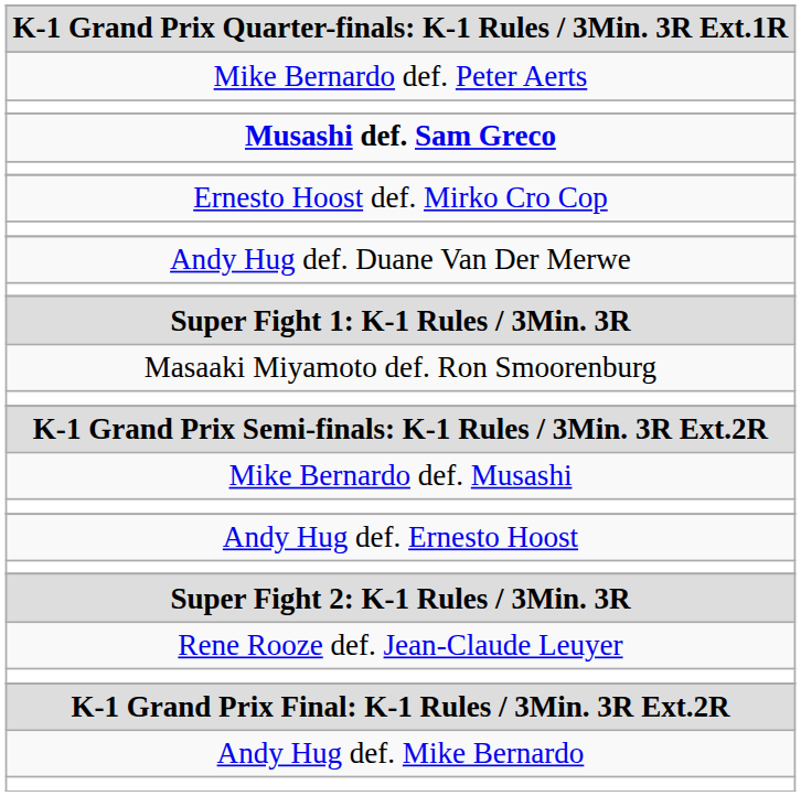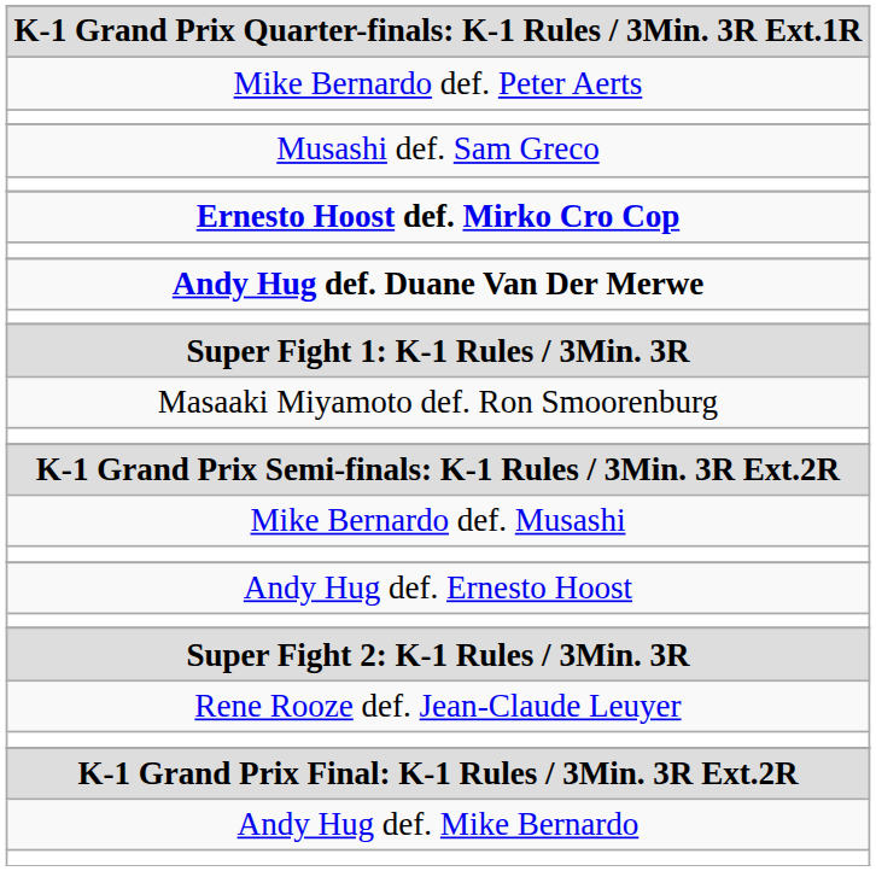 <table class="wikitable" style="clear:both; margin:1.5em auto; text-align:center;">
 <tr>
 </tr>
 <tr align="center"  bgcolor="#dddddd">
 <td><strong>K-1 Grand Prix Quarter-finals: K-1 Rules / 3Min. 3R Ext.1R</strong></td>
 </tr>
 <tr align="center"  bgcolor=>
 <td align=center> <a href='#'>Mike Bernardo</a> def. <a href='#'>Peter Aerts</a> </td>
 </tr>
 <tr>
 <th style=background:white colspan=2></th>
 </tr>
 <tr>
 </tr>
 <tr align="center"  bgcolor=>
-<td align=center><strong> <a href='#'>Musashi</a> def. <a href='#'>Sam Greco</a> </strong></td>
+<td align=center> <a href='#'>Musashi</a> def. <a href='#'>Sam Greco</a> </td>
 </tr>
 <tr>
 <th style=background:white colspan=2></th>
 </tr>
 <tr>
 </tr>
 <tr align="center"  bgcolor=>
-<td align=center> <a href='#'>Ernesto Hoost</a> def. <a href='#'>Mirko Cro Cop</a> </td>
+<td align=center><strong> <a href='#'>Ernesto Hoost</a> def. <a href='#'>Mirko Cro Cop</a> </strong></td>
 </tr>
 <tr>
 <th style=background:white colspan=2></th>
 </tr>
 <tr>
 </tr>
 <tr align="center"  bgcolor=>
-<td align=center> <a href='#'>Andy Hug</a> def. Duane Van Der Merwe </td>
+<td align=center><strong> <a href='#'>Andy Hug</a> def. Duane Van Der Merwe </strong></td>
 </tr>
 <tr>
 <th style=background:white colspan=2></th>
 </tr>
 <tr>
 </tr>
 <tr align="center"  bgcolor="#dddddd">
 <td><strong>Super Fight 1: K-1 Rules / 3Min. 3R</strong></td>
 </tr>
 <tr align="center"  bgcolor=>
 <td align=center> Masaaki Miyamoto def. Ron Smoorenburg </td>
 </tr>
 <tr>
 <th style=background:white colspan=2></th>
 </tr>
 <tr>
 </tr>
 <tr align="center"  bgcolor="#dddddd">
 <td><strong>K-1 Grand Prix Semi-finals: K-1 Rules / 3Min. 3R Ext.2R</strong></td>
 </tr>
 <tr align="center"  bgcolor=>
 <td align=center> <a href='#'>Mike Bernardo</a> def. <a href='#'>Musashi</a> </td>
 </tr>
 <tr>
 <th style=background:white colspan=2></th>
 </tr>
 <tr>
 </tr>
 <tr align="center"  bgcolor=>
 <td align=center> <a href='#'>Andy Hug</a> def. <a href='#'>Ernesto Hoost</a> </td>
 </tr>
 <tr>
 <th style=background:white colspan=2></th>
 </tr>
 <tr>
 </tr>
 <tr align="center"  bgcolor="#dddddd">
 <td><strong>Super Fight 2: K-1 Rules / 3Min. 3R</strong></td>
 </tr>
 <tr align="center"  bgcolor=>
 <td align=center> <a href='#'>Rene Rooze</a> def. <a href='#'>Jean-Claude Leuyer</a> </td>
 </tr>
 <tr>
 <th style=background:white colspan=2></th>
 </tr>
 <tr>
 </tr>
 <tr align="center"  bgcolor="#dddddd">
 <td><strong>K-1 Grand Prix Final: K-1 Rules / 3Min. 3R Ext.2R</strong></td>
 </tr>
 <tr align="center"  bgcolor=>
 <td align=center> <a href='#'>Andy Hug</a> def. <a href='#'>Mike Bernardo</a> </td>
 </tr>
 <tr>
 <th style=background:white colspan=2></th>
 </tr>
 <tr>
 </tr>
 </table>
